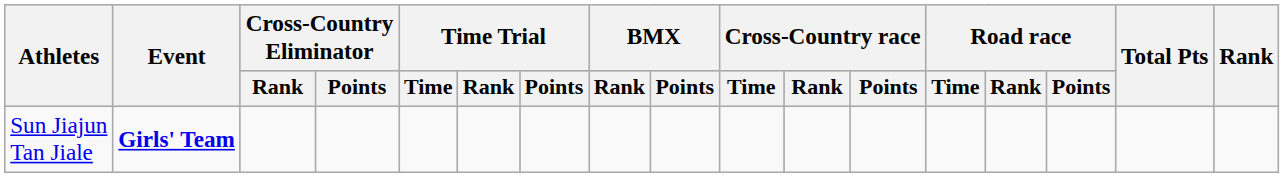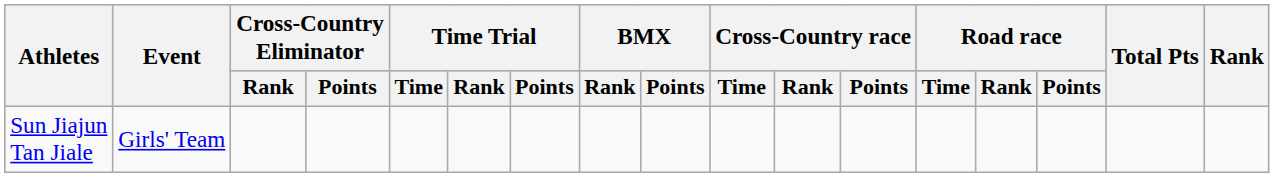 <table class="wikitable" style="font-size:90%;">
 <tr>
 <th rowspan=2>Athletes</th>
 <th rowspan=2>Event</th>
 <th colspan=2>Cross-Country<br>Eliminator</th>
 <th colspan=3>Time Trial</th>
 <th colspan=2>BMX</th>
 <th colspan=3>Cross-Country race</th>
 <th colspan=3>Road race</th>
 <th rowspan=2>Total Pts</th>
 <th rowspan=2>Rank</th>
 </tr>
 <tr style="font-size:95%">
 <th>Rank</th>
 <th>Points</th>
 <th>Time</th>
 <th>Rank</th>
 <th>Points</th>
 <th>Rank</th>
 <th>Points</th>
 <th>Time</th>
 <th>Rank</th>
 <th>Points</th>
 <th>Time</th>
 <th>Rank</th>
 <th>Points</th>
 </tr>
 <tr align=center>
 <td align=left><a href='#'>Sun Jiajun</a><br><a href='#'>Tan Jiale</a></td>
-<td align=left><strong><a href='#'>Girls' Team</a></strong></td>
+<td align=left><a href='#'>Girls' Team</a></td>
 <td></td>
 <td></td>
 <td></td>
 <td></td>
 <td></td>
 <td></td>
 <td></td>
 <td></td>
 <td></td>
 <td></td>
 <td></td>
 <td></td>
 <td></td>
 <td></td>
 <td></td>
 </tr>
 </table>
